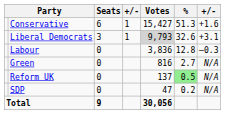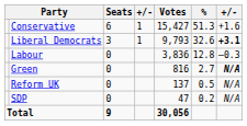 <table class="wikitable sortable">
 <tr>
 <th colspan="2">Party</th>
 <th>Seats</th>
 <th>+/-</th>
 <th>Votes</th>
 <th>%</th>
 <th>+/-</th>
 </tr>
 <tr>
 <td style="background-color: "></td>
 <td><a href='#'>Conservative</a></td>
 <td>6</td>
 <td> 1</td>
 <td style="text-align:right;">15,427</td>
 <td style="text-align:right;">51.3</td>
 <td style="text-align:right;">+1.6</td>
 </tr>
 <tr>
 <td style="background-color: "></td>
 <td><a href='#'>Liberal Democrats</a></td>
 <td>3</td>
 <td> 1</td>
-<td style="background: lightgrey; text-align:right;">9,793</td>
+<td style="text-align:right;">9,793</td>
 <td style="text-align:right;">32.6</td>
-<td style="text-align:right;">+3.1</td>
+<td style="text-align:right;"><strong>+3.1</strong></td>
 </tr>
 <tr>
 <td style="background-color: "></td>
 <td><a href='#'>Labour</a></td>
 <td>0</td>
 <td></td>
 <td style="text-align:right;">3,836</td>
 <td style="text-align:right;">12.8</td>
 <td style="text-align:right;">–0.3</td>
 </tr>
 <tr>
 <td style="background-color: "></td>
 <td><a href='#'>Green</a></td>
 <td>0</td>
 <td></td>
 <td style="text-align:right;">816</td>
 <td style="text-align:right;">2.7</td>
-<td style="text-align:right;"><em>N/A</em></td>
+<td style="text-align:right;"><strong><em>N/A</em></strong></td>
 </tr>
 <tr>
 <td style="background-color: "></td>
 <td><a href='#'>Reform UK</a></td>
 <td>0</td>
 <td></td>
 <td style="text-align:right;">137</td>
-<td style="background: lightgreen; text-align:right;">0.5</td>
+<td style="text-align:right;">0.5</td>
 <td style="text-align:right;"><em>N/A</em></td>
 </tr>
 <tr>
 <td style="background-color: "></td>
 <td><a href='#'>SDP</a></td>
 <td>0</td>
 <td></td>
 <td style="text-align:right;">47</td>
 <td style="text-align:right;">0.2</td>
 <td style="text-align:right;"><em>N/A</em></td>
 </tr>
 <tr>
 <td colspan="2"><strong>Total</strong></td>
 <td><strong>9</strong></td>
 <td></td>
 <td style="text-align:right;"><strong>30,056</strong></td>
 <td style="text-align:right;"></td>
 <td style="text-align:right;"></td>
 </tr>
 </table>
